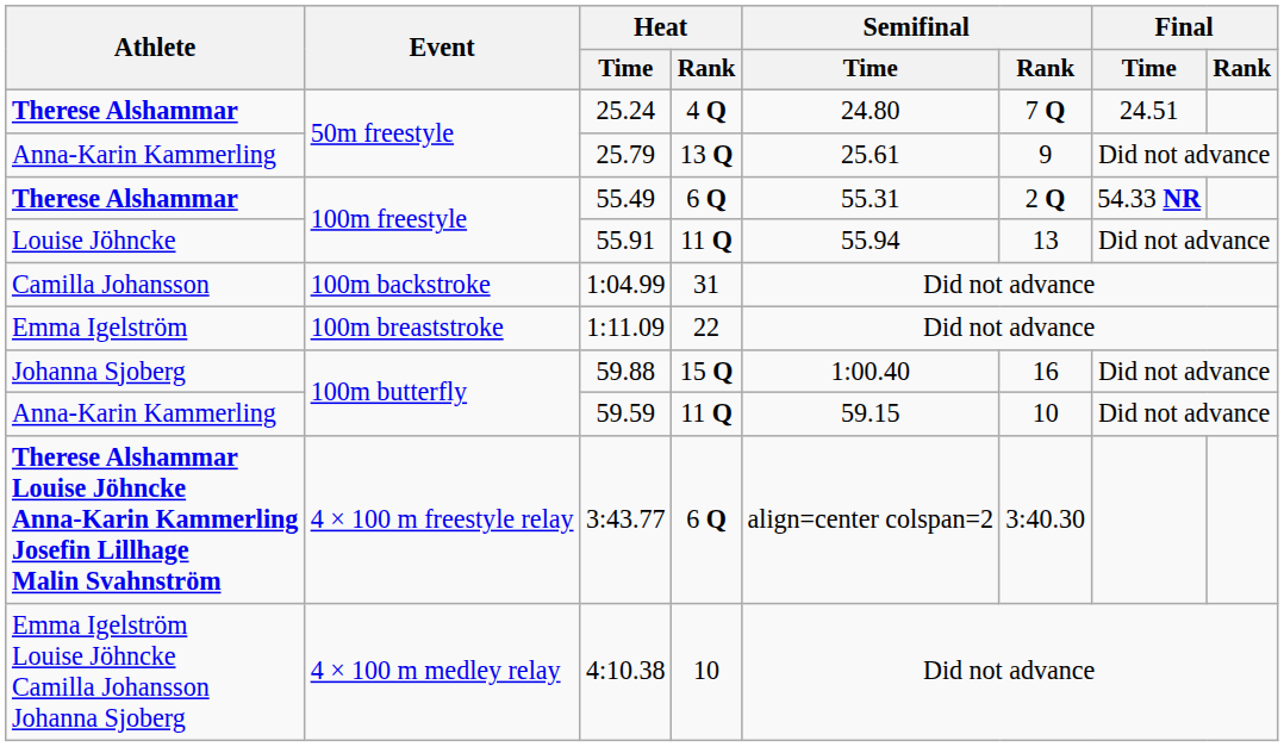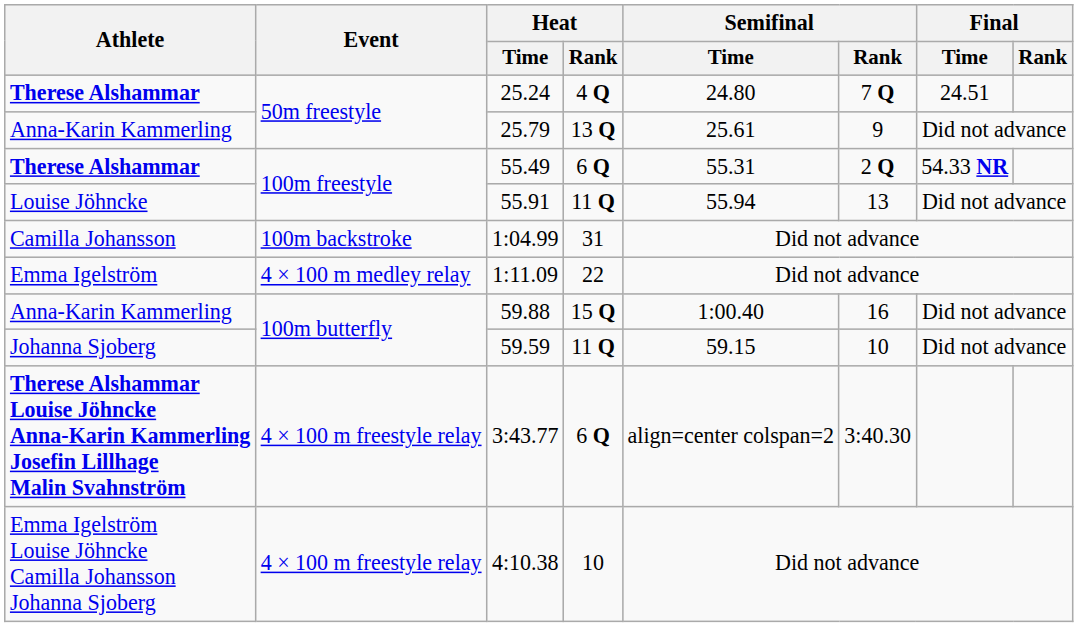 <table class=wikitable style="font-size:90%">
 <tr>
 <th rowspan="2">Athlete</th>
 <th rowspan="2">Event</th>
 <th colspan="2">Heat</th>
 <th colspan="2">Semifinal</th>
 <th colspan="2">Final</th>
 </tr>
 <tr style="font-size:95%">
 <th>Time</th>
 <th>Rank</th>
 <th>Time</th>
 <th>Rank</th>
 <th>Time</th>
 <th>Rank</th>
 </tr>
 <tr>
 <td align=left><strong><a href='#'>Therese Alshammar</a></strong></td>
 <td align=left rowspan=2><a href='#'>50m freestyle</a></td>
 <td align=center>25.24</td>
 <td align=center>4 <strong>Q</strong></td>
 <td align=center>24.80</td>
 <td align=center>7 <strong>Q</strong></td>
 <td align=center>24.51</td>
 <td align=center></td>
 </tr>
 <tr>
 <td align=left><a href='#'>Anna-Karin Kammerling</a></td>
 <td align=center>25.79</td>
 <td align=center>13 <strong>Q</strong></td>
 <td align=center>25.61</td>
 <td align=center>9</td>
 <td align=center colspan=2>Did not advance</td>
 </tr>
 <tr>
 <td align=left><strong><a href='#'>Therese Alshammar</a></strong></td>
 <td align=left rowspan=2><a href='#'>100m freestyle</a></td>
 <td align=center>55.49</td>
 <td align=center>6 <strong>Q</strong></td>
 <td align=center>55.31</td>
 <td align=center>2 <strong>Q</strong></td>
 <td align=center>54.33 <strong><a href='#'>NR</a></strong></td>
 <td align=center></td>
 </tr>
 <tr>
 <td align=left><a href='#'>Louise Jöhncke</a></td>
 <td align=center>55.91</td>
 <td align=center>11 <strong>Q</strong></td>
 <td align=center>55.94</td>
 <td align=center>13</td>
 <td align=center colspan=2>Did not advance</td>
 </tr>
 <tr>
 <td align=left><a href='#'>Camilla Johansson</a></td>
 <td align=left><a href='#'>100m backstroke</a></td>
 <td align=center>1:04.99</td>
 <td align=center>31</td>
 <td align=center colspan=4>Did not advance</td>
 </tr>
 <tr>
 <td align=left><a href='#'>Emma Igelström</a></td>
-<td align=left><a href='#'>100m breaststroke</a></td>
+<td align=left><a href='#'>4 × 100 m medley relay</a></td>
 <td align=center>1:11.09</td>
 <td align=center>22</td>
 <td align=center colspan=4>Did not advance</td>
 </tr>
 <tr>
-<td align=left><a href='#'>Johanna Sjoberg</a></td>
+<td align=left><a href='#'>Anna-Karin Kammerling</a></td>
 <td align=left rowspan=2><a href='#'>100m butterfly</a></td>
 <td align=center>59.88</td>
 <td align=center>15 <strong>Q</strong></td>
 <td align=center>1:00.40</td>
 <td align=center>16</td>
 <td align=center colspan=2>Did not advance</td>
 </tr>
 <tr>
-<td align=left><a href='#'>Anna-Karin Kammerling</a></td>
+<td align=left><a href='#'>Johanna Sjoberg</a></td>
 <td align=center>59.59</td>
 <td align=center>11 <strong>Q</strong></td>
 <td align=center>59.15</td>
 <td align=center>10</td>
 <td align=center colspan=2>Did not advance</td>
 </tr>
 <tr>
 <td align=left><strong><a href='#'>Therese Alshammar</a></strong><br> <strong><a href='#'>Louise Jöhncke</a></strong><br> <strong><a href='#'>Anna-Karin Kammerling</a></strong><br> <strong><a href='#'>Josefin Lillhage</a></strong><br> <strong><a href='#'>Malin Svahnström</a></strong></td>
 <td align=left><a href='#'>4 × 100 m freestyle relay</a></td>
 <td align=center>3:43.77</td>
 <td align=center>6 <strong>Q</strong></td>
 <td>align=center colspan=2 </td>
 <td align=center>3:40.30</td>
 <td align=center></td>
 </tr>
 <tr>
 <td align=left><a href='#'>Emma Igelström</a><br> <a href='#'>Louise Jöhncke</a><br> <a href='#'>Camilla Johansson</a><br> <a href='#'>Johanna Sjoberg</a></td>
-<td align=left><a href='#'>4 × 100 m medley relay</a></td>
+<td align=left><a href='#'>4 × 100 m freestyle relay</a></td>
 <td align=center>4:10.38</td>
 <td align=center>10</td>
 <td align=center colspan=4>Did not advance</td>
 </tr>
 </table>
